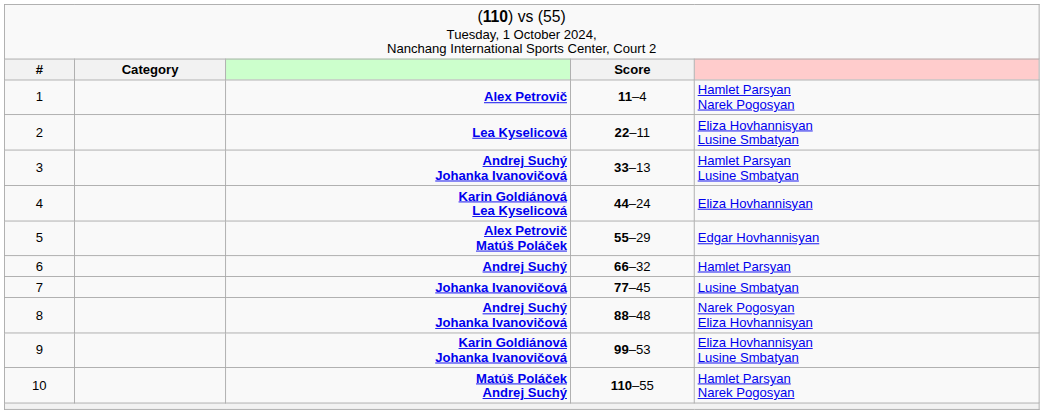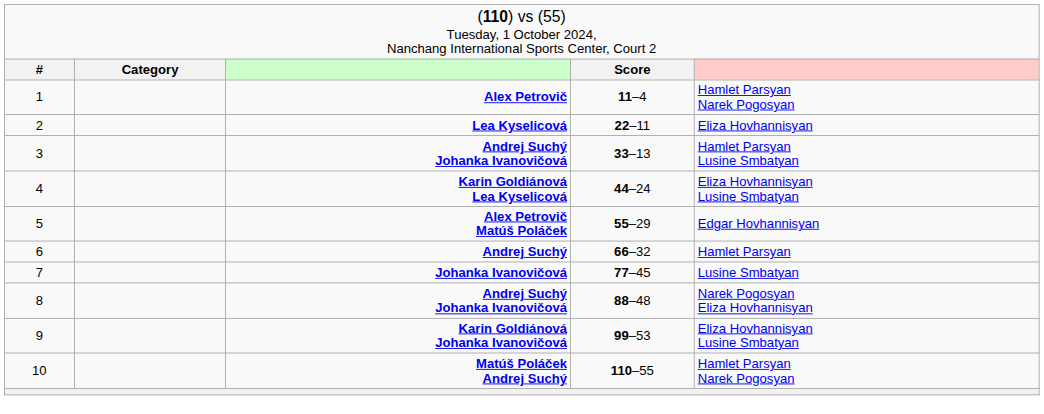 <table class="wikitable mw-collapsible mw-collapsed" style="font-size:90%; text-align:center" width="90%">
 <tr>
 <td colspan="5"><big>(<strong>110</strong>) <strong></strong> vs  (55)</big><br>Tuesday, 1 October 2024, <br>Nanchang International Sports Center, Court 2</td>
 </tr>
 <tr>
 <th width="25">#</th>
 <th width="50">Category</th>
 <th style="background-color:#CCFFCC" width="150"></th>
 <th width="50">Score<br></th>
 <th style="background-color:#FFCCCC" width="150"></th>
 </tr>
 <tr>
 <td>1</td>
 <td></td>
 <td align="right"><strong><a href='#'>Alex Petrovič</a> </strong></td>
 <td><strong>11</strong>–4<br></td>
 <td align="left"> <a href='#'>Hamlet Parsyan</a><br> <a href='#'>Narek Pogosyan</a></td>
 </tr>
 <tr>
 <td>2</td>
 <td></td>
 <td align="right"><strong><a href='#'>Lea Kyselicová</a> </strong></td>
 <td><strong>22</strong>–11<br></td>
-<td align="left"> <a href='#'>Eliza Hovhannisyan</a><br> <a href='#'>Lusine Smbatyan</a></td>
+<td align="left"> <a href='#'>Eliza Hovhannisyan</a></td>
 </tr>
 <tr>
 <td>3</td>
 <td></td>
 <td align="right"><strong><a href='#'>Andrej Suchý</a> <br><a href='#'>Johanka Ivanovičová</a> </strong></td>
 <td><strong>33</strong>–13<br></td>
 <td align="left"> <a href='#'>Hamlet Parsyan</a><br> <a href='#'>Lusine Smbatyan</a></td>
 </tr>
 <tr>
 <td>4</td>
 <td></td>
 <td align="right"><strong><a href='#'>Karin Goldiánová</a> <br><a href='#'>Lea Kyselicová</a> </strong></td>
 <td><strong>44</strong>–24<br></td>
-<td align="left"> <a href='#'>Eliza Hovhannisyan</a></td>
+<td align="left"> <a href='#'>Eliza Hovhannisyan</a><br> <a href='#'>Lusine Smbatyan</a></td>
 </tr>
 <tr>
 <td>5</td>
 <td></td>
 <td align="right"><strong><a href='#'>Alex Petrovič</a> <br><a href='#'>Matúš Poláček</a> </strong></td>
 <td><strong>55</strong>–29<br></td>
 <td align="left"> <a href='#'>Edgar Hovhannisyan</a></td>
 </tr>
 <tr>
 <td>6</td>
 <td></td>
 <td align="right"><strong><a href='#'>Andrej Suchý</a> </strong></td>
 <td><strong>66</strong>–32<br></td>
 <td align="left"> <a href='#'>Hamlet Parsyan</a></td>
 </tr>
 <tr>
 <td>7</td>
 <td></td>
 <td align="right"><strong><a href='#'>Johanka Ivanovičová</a> </strong></td>
 <td><strong>77</strong>–45<br></td>
 <td align="left"> <a href='#'>Lusine Smbatyan</a></td>
 </tr>
 <tr>
 <td>8</td>
 <td></td>
 <td align="right"><strong><a href='#'>Andrej Suchý</a> <br><a href='#'>Johanka Ivanovičová</a> </strong></td>
 <td><strong>88</strong>–48<br></td>
 <td align="left"> <a href='#'>Narek Pogosyan</a><br> <a href='#'>Eliza Hovhannisyan</a></td>
 </tr>
 <tr>
 <td>9</td>
 <td></td>
 <td align="right"><strong><a href='#'>Karin Goldiánová</a> <br><a href='#'>Johanka Ivanovičová</a> </strong></td>
 <td><strong>99</strong>–53<br></td>
 <td align="left"> <a href='#'>Eliza Hovhannisyan</a><br> <a href='#'>Lusine Smbatyan</a></td>
 </tr>
 <tr>
 <td>10</td>
 <td></td>
 <td align="right"><strong><a href='#'>Matúš Poláček</a> <br><a href='#'>Andrej Suchý</a> </strong></td>
 <td><strong>110</strong>–55<br></td>
 <td align="left"> <a href='#'>Hamlet Parsyan</a><br> <a href='#'>Narek Pogosyan</a></td>
 </tr>
 <tr>
 <th colspan="5"></th>
 </tr>
 </table>
